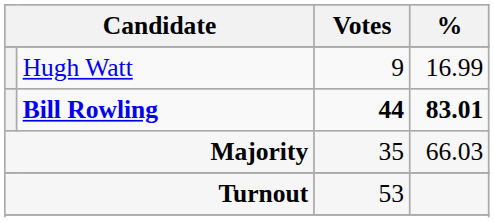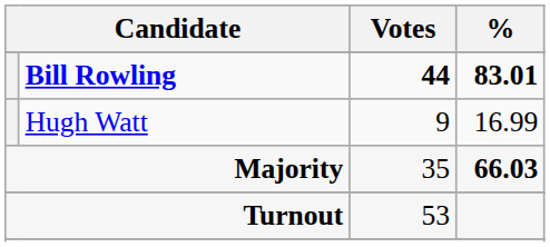 <table class="wikitable" style="font-size: 95%;">
 <tr style="background-color:#E9E9E9">
 <th colspan="2" style="width: 170px">Candidate</th>
 <th style="width: 50px">Votes</th>
 <th style="width: 40px">%</th>
 </tr>
 <tr>
 </tr>
 <tr>
 <th style="background-color: "></th>
+<td style="width: 170px"><strong><a href='#'>Bill Rowling</a></strong></td>
+<td align="right"><strong>44</strong></td>
+<td align="right"><strong>83.01</strong></td>
+</tr>
+<tr>
+<th style="background-color: "></th>
 <td style="width: 170px"><a href='#'>Hugh Watt</a></td>
 <td align="right">9</td>
 <td align="right">16.99</td>
 </tr>
-<tr>
-<th style="background-color: "></th>
-<td style="width: 170px"><strong><a href='#'>Bill Rowling</a></strong></td>
-<td align="right"><strong>44</strong></td>
-<td align="right"><strong>83.01</strong></td>
-</tr>
 <tr style="background-color:#F6F6F6">
 <td colspan="2" align="right"><strong>Majority</strong></td>
 <td align="right">35</td>
-<td align="right">66.03</td>
+<td align="right"><strong>66.03</strong></td>
 </tr>
 <tr>
 </tr>
 <tr style="background-color:#F6F6F6">
 <td colspan="2" align="right"><strong>Turnout</strong></td>
 <td align="right">53</td>
 <td></td>
 </tr>
 <tr>
 </tr>
 <tr style="background-color:#F6F6F6">
 </tr>
 </table>
